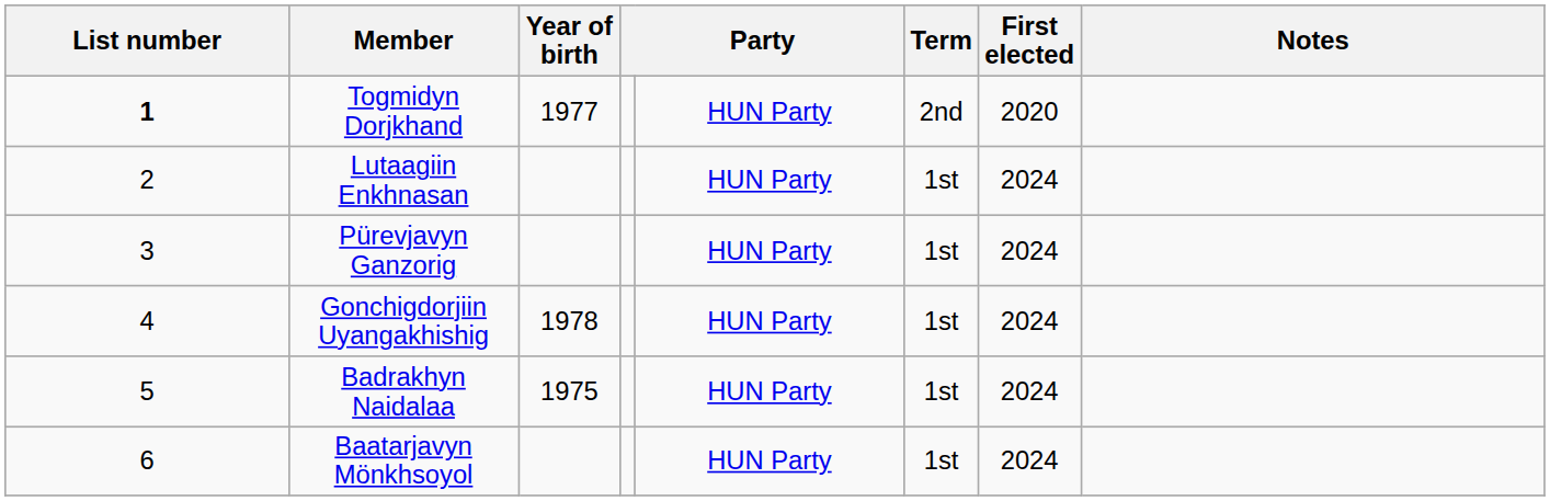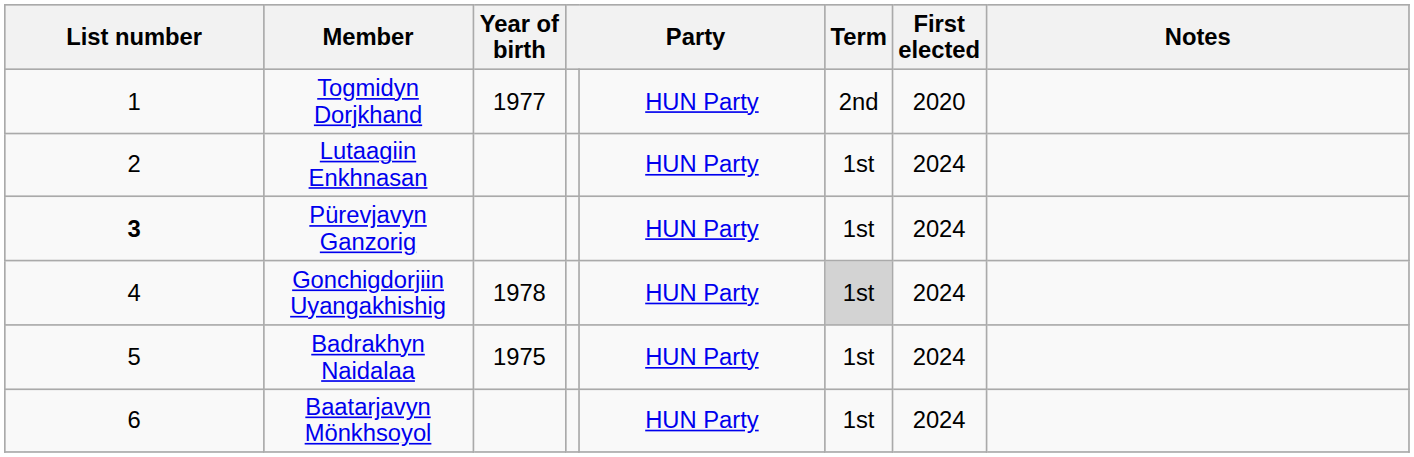 <table class="wikitable sortable" style="font-size:90%; text-align:center">
 <tr>
 <th scope="col" style="width:150px;">List number</th>
 <th scope="col" style="width:120px;">Member</th>
 <th scope="col" style="width:50px;">Year of birth</th>
 <th scope="col" style="width:150px;" colspan="2">Party</th>
 <th scope="col" style="width:20px;">Term</th>
 <th scope="col" style="width:50px;">First elected</th>
 <th scope="col" style="width:250px;" class="unsortable">Notes</th>
 </tr>
 <tr>
-<td style="width:50px;"><strong>1</strong></td>
+<td style="width:50px;">1</td>
 <td><a href='#'>Togmidyn Dorjkhand</a></td>
 <td>1977</td>
 <td scope="row" width="1" style="background-color:"></td>
 <td><a href='#'>HUN Party</a></td>
 <td>2nd</td>
 <td>2020</td>
 <td></td>
 </tr>
 <tr>
 <td style="width:50px;">2</td>
 <td><a href='#'>Lutaagiin Enkhnasan</a></td>
 <td></td>
 <td scope="row" width="1" style="background-color:"></td>
 <td><a href='#'>HUN Party</a></td>
 <td>1st</td>
 <td>2024</td>
 <td></td>
 </tr>
 <tr>
-<td style="width:50px;">3</td>
+<td style="width:50px;"><strong>3</strong></td>
 <td><a href='#'>Pürevjavyn Ganzorig</a></td>
 <td></td>
 <td scope="row" width="1" style="background-color:"></td>
 <td><a href='#'>HUN Party</a></td>
 <td>1st</td>
 <td>2024</td>
 <td></td>
 </tr>
 <tr>
 <td style="width:50px;">4</td>
 <td><a href='#'>Gonchigdorjiin Uyangakhishig</a></td>
 <td>1978</td>
 <td scope="row" width="1" style="background-color:"></td>
 <td><a href='#'>HUN Party</a></td>
-<td>1st</td>
+<td style="background: lightgrey;">1st</td>
 <td>2024</td>
 <td></td>
 </tr>
 <tr>
 <td style="width:50px;">5</td>
 <td><a href='#'>Badrakhyn Naidalaa</a></td>
 <td>1975</td>
 <td scope="row" width="1" style="background-color:"></td>
 <td><a href='#'>HUN Party</a></td>
 <td>1st</td>
 <td>2024</td>
 <td></td>
 </tr>
 <tr>
 <td style="width:50px;">6</td>
 <td><a href='#'>Baatarjavyn Mönkhsoyol</a></td>
 <td></td>
 <td scope="row" width="1" style="background-color:"></td>
 <td><a href='#'>HUN Party</a></td>
 <td>1st</td>
 <td>2024</td>
 <td></td>
 </tr>
 </table>
